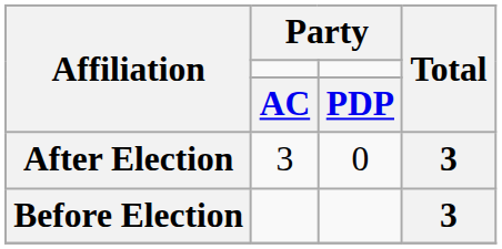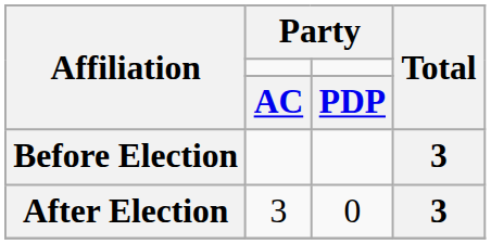 <table class="wikitable" style="text-align:center">
 <tr>
 <th rowspan="3">Affiliation</th>
 <th colspan="2">Party</th>
 <th rowspan="3">Total</th>
 </tr>
 <tr>
 <td style="background-color:"></td>
 <td style="background-color:"></td>
 </tr>
 <tr>
 <th><a href='#'>AC</a></th>
 <th><a href='#'>PDP</a></th>
 </tr>
 <tr>
+<th>Before Election</th>
+<td></td>
+<td></td>
+<th>3</th>
+</tr>
+<tr>
 <th>After Election</th>
 <td>3</td>
 <td>0</td>
 <th>3</th>
 </tr>
 <tr>
-<th>Before Election</th>
-<td></td>
-<td></td>
-<th>3</th>
-</tr>
-<tr>
 </tr>
 </table>
